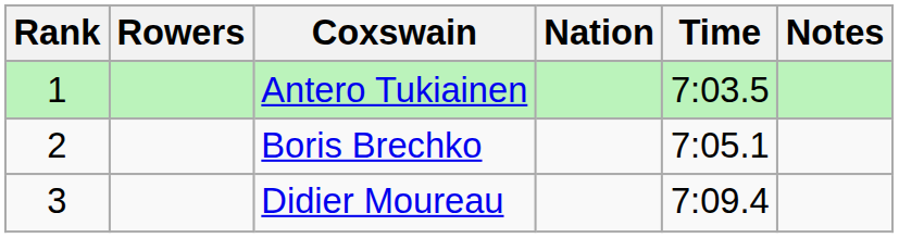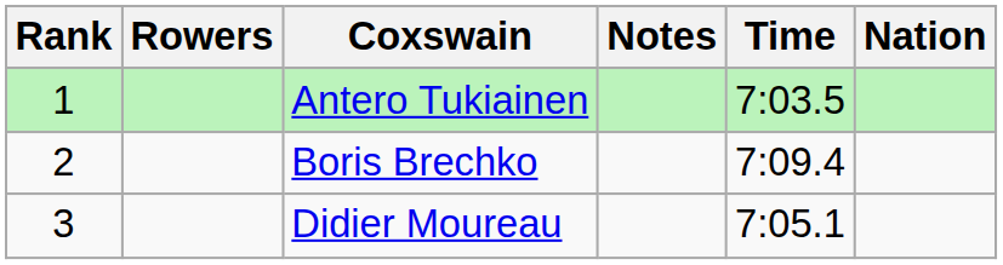 <table class="wikitable sortable" style="text-align:center">
 <tr>
 <th>Rank</th>
 <th>Rowers</th>
 <th>Coxswain</th>
+<th>Notes</th>
+<th>Time</th>
 <th>Nation</th>
-<th>Time</th>
-<th>Notes</th>
 </tr>
 <tr bgcolor=bbf3bb>
 <td>1</td>
 <td align=left></td>
 <td align=left><a href='#'>Antero Tukiainen</a></td>
+<td></td>
+<td>7:03.5</td>
 <td align=left></td>
-<td>7:03.5</td>
-<td></td>
 </tr>
 <tr>
 <td>2</td>
 <td align=left></td>
 <td align=left><a href='#'>Boris Brechko</a></td>
+<td></td>
+<td>7:09.4</td>
 <td align=left></td>
-<td>7:05.1</td>
-<td></td>
 </tr>
 <tr>
 <td>3</td>
 <td align=left></td>
 <td align=left><a href='#'>Didier Moureau</a></td>
+<td></td>
+<td>7:05.1</td>
 <td align=left></td>
-<td>7:09.4</td>
-<td></td>
 </tr>
 </table>
